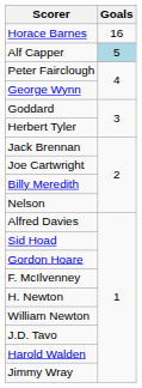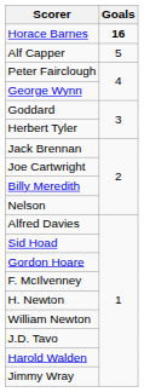 <table class="wikitable">
 <tr>
 <th>Scorer</th>
 <th>Goals</th>
 </tr>
 <tr>
 <td> <a href='#'>Horace Barnes</a></td>
-<td align=center>16</td>
+<td align=center><strong>16</strong></td>
 </tr>
 <tr>
 <td> Alf Capper</td>
-<td align=center style="background: lightblue;">5</td>
+<td align=center>5</td>
 </tr>
 <tr>
 <td>Peter Fairclough</td>
 <td rowspan="2" align=center>4</td>
 </tr>
 <tr>
 <td> <a href='#'>George Wynn</a></td>
 </tr>
 <tr>
 <td>Goddard</td>
 <td rowspan="2" align=center>3</td>
 </tr>
 <tr>
 <td>Herbert Tyler</td>
 </tr>
 <tr>
 <td>Jack Brennan</td>
 <td rowspan="4" align=center>2</td>
 </tr>
 <tr>
 <td>Joe Cartwright</td>
 </tr>
 <tr>
 <td> <a href='#'>Billy Meredith</a></td>
 </tr>
 <tr>
 <td>Nelson</td>
 </tr>
 <tr>
 <td>Alfred Davies</td>
 <td rowspan="9" align=center>1</td>
 </tr>
 <tr>
 <td> <a href='#'>Sid Hoad</a></td>
 </tr>
 <tr>
 <td> <a href='#'>Gordon Hoare</a></td>
 </tr>
 <tr>
 <td>F. McIlvenney</td>
 </tr>
 <tr>
 <td>H. Newton</td>
 </tr>
 <tr>
 <td>William Newton</td>
 </tr>
 <tr>
 <td>J.D. Tavo</td>
 </tr>
 <tr>
 <td> <a href='#'>Harold Walden</a></td>
 </tr>
 <tr>
 <td>Jimmy Wray</td>
 </tr>
 </table>
